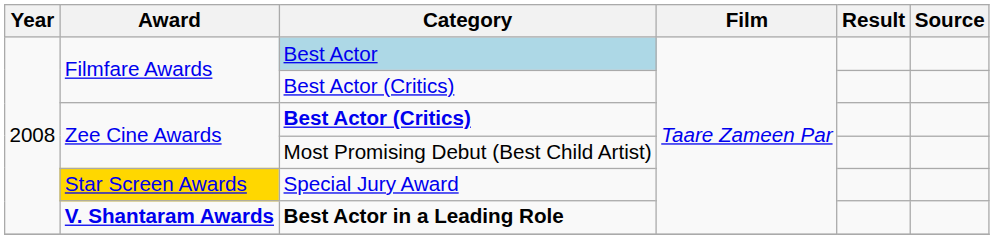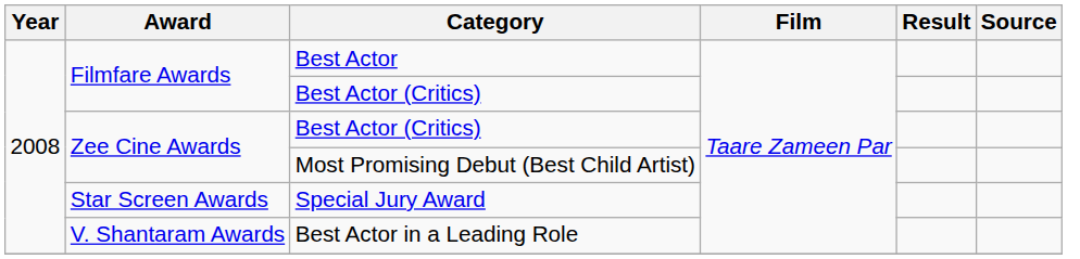 <table class="wikitable sortable">
 <tr>
 <th>Year</th>
 <th>Award</th>
 <th>Category</th>
 <th>Film</th>
 <th>Result</th>
 <th>Source</th>
 </tr>
 <tr>
 <td rowspan= 6>2008</td>
 <td rowspan="2"><a href='#'>Filmfare Awards</a></td>
-<td style="background: lightblue;"><a href='#'>Best Actor</a></td>
+<td><a href='#'>Best Actor</a></td>
 <td rowspan= 6><em><a href='#'>Taare Zameen Par</a></em></td>
 <td></td>
 <td></td>
 </tr>
 <tr>
 <td><a href='#'>Best Actor (Critics)</a></td>
 <td></td>
 <td></td>
 </tr>
 <tr>
 <td rowspan="2"><a href='#'>Zee Cine Awards</a></td>
-<td><strong><a href='#'>Best Actor (Critics)</a></strong></td>
+<td><a href='#'>Best Actor (Critics)</a></td>
 <td></td>
 <td></td>
 </tr>
 <tr>
 <td>Most Promising Debut (Best Child Artist)</td>
 <td></td>
 <td></td>
 </tr>
 <tr>
-<td style="background: gold;"><a href='#'>Star Screen Awards</a></td>
+<td><a href='#'>Star Screen Awards</a></td>
 <td><a href='#'>Special Jury Award</a></td>
 <td></td>
 <td></td>
 </tr>
 <tr>
-<td><strong><a href='#'>V. Shantaram Awards</a></strong></td>
-<td><strong>Best Actor in a Leading Role</strong></td>
+<td><a href='#'>V. Shantaram Awards</a></td>
+<td>Best Actor in a Leading Role</td>
 <td></td>
 <td></td>
 </tr>
 <tr>
 </tr>
 </table>
